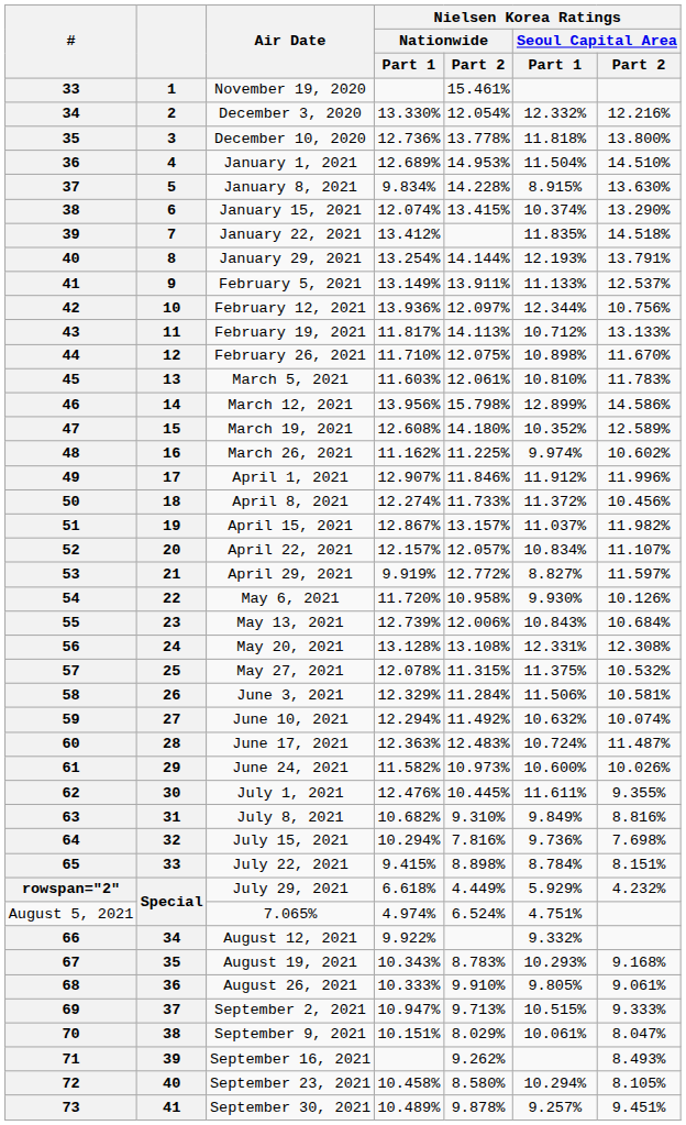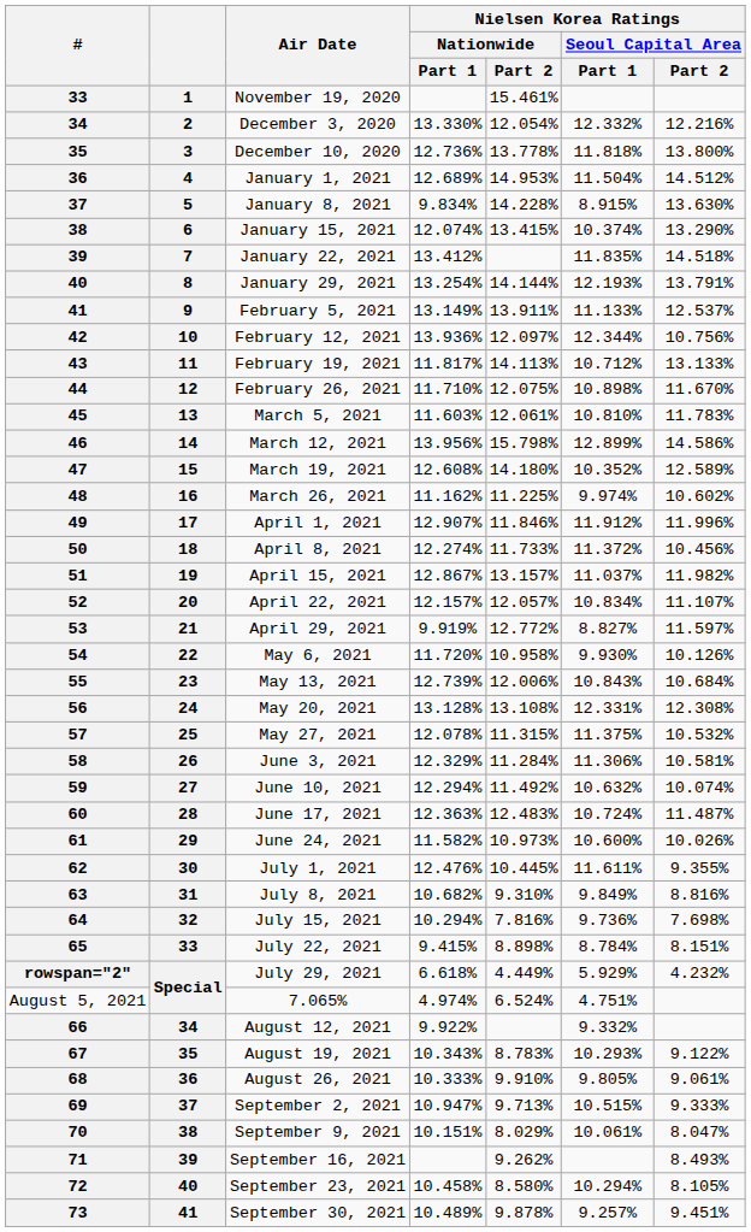 <table class="wikitable sortable" style="text-align:center">
 <tr>
 <th rowspan="3">#</th>
 <th rowspan="3"></th>
 <th rowspan="3">Air Date</th>
 <th colspan=4>Nielsen Korea Ratings</th>
 </tr>
 <tr>
 <th colspan=2>Nationwide</th>
 <th colspan=2><a href='#'>Seoul Capital Area</a></th>
 </tr>
 <tr>
 <th>Part 1</th>
 <th>Part 2</th>
 <th>Part 1</th>
 <th>Part 2</th>
 </tr>
 <tr>
 <th>33</th>
 <th>1</th>
 <td>November 19, 2020</td>
 <td></td>
 <td>15.461%</td>
 <td></td>
 <td></td>
 </tr>
 <tr>
 <th>34</th>
 <th>2</th>
 <td>December 3, 2020</td>
 <td>13.330%</td>
 <td>12.054%</td>
 <td>12.332%</td>
 <td>12.216%</td>
 </tr>
 <tr>
 <th>35</th>
 <th>3</th>
 <td>December 10, 2020</td>
 <td>12.736%</td>
 <td>13.778%</td>
 <td>11.818%</td>
 <td>13.800%</td>
 </tr>
 <tr>
 <th>36</th>
 <th>4</th>
 <td>January 1, 2021</td>
 <td>12.689%</td>
 <td>14.953%</td>
 <td>11.504%</td>
-<td>14.510%</td>
+<td>14.512%</td>
 </tr>
 <tr>
 <th>37</th>
 <th>5</th>
 <td>January 8, 2021</td>
 <td>9.834%</td>
 <td>14.228%</td>
 <td>8.915%</td>
 <td>13.630%</td>
 </tr>
 <tr>
 <th>38</th>
 <th>6</th>
 <td>January 15, 2021</td>
 <td>12.074%</td>
 <td>13.415%</td>
 <td>10.374%</td>
 <td>13.290%</td>
 </tr>
 <tr>
 <th>39</th>
 <th>7</th>
 <td>January 22, 2021</td>
 <td>13.412%</td>
 <td></td>
 <td>11.835%</td>
 <td>14.518%</td>
 </tr>
 <tr>
 <th>40</th>
 <th>8</th>
 <td>January 29, 2021</td>
 <td>13.254%</td>
 <td>14.144%</td>
 <td>12.193%</td>
 <td>13.791%</td>
 </tr>
 <tr>
 <th>41</th>
 <th>9</th>
 <td>February 5, 2021</td>
 <td>13.149%</td>
 <td>13.911%</td>
 <td>11.133%</td>
 <td>12.537%</td>
 </tr>
 <tr>
 <th>42</th>
 <th>10</th>
 <td>February 12, 2021</td>
 <td>13.936%</td>
 <td>12.097%</td>
 <td>12.344%</td>
 <td>10.756%</td>
 </tr>
 <tr>
 <th>43</th>
 <th>11</th>
 <td>February 19, 2021</td>
 <td>11.817%</td>
 <td>14.113%</td>
 <td>10.712%</td>
 <td>13.133%</td>
 </tr>
 <tr>
 <th>44</th>
 <th>12</th>
 <td>February 26, 2021</td>
 <td>11.710%</td>
 <td>12.075%</td>
 <td>10.898%</td>
 <td>11.670%</td>
 </tr>
 <tr>
 <th>45</th>
 <th>13</th>
 <td>March 5, 2021</td>
 <td>11.603%</td>
 <td>12.061%</td>
 <td>10.810%</td>
 <td>11.783%</td>
 </tr>
 <tr>
 <th>46</th>
 <th>14</th>
 <td>March 12, 2021</td>
 <td>13.956%</td>
 <td>15.798%</td>
 <td>12.899%</td>
 <td>14.586%</td>
 </tr>
 <tr>
 <th>47</th>
 <th>15</th>
 <td>March 19, 2021</td>
 <td>12.608%</td>
 <td>14.180%</td>
 <td>10.352%</td>
 <td>12.589%</td>
 </tr>
 <tr>
 <th>48</th>
 <th>16</th>
 <td>March 26, 2021</td>
 <td>11.162%</td>
 <td>11.225%</td>
 <td>9.974%</td>
 <td>10.602%</td>
 </tr>
 <tr>
 <th>49</th>
 <th>17</th>
 <td>April 1, 2021</td>
 <td>12.907%</td>
 <td>11.846%</td>
 <td>11.912%</td>
 <td>11.996%</td>
 </tr>
 <tr>
 <th>50</th>
 <th>18</th>
 <td>April 8, 2021</td>
 <td>12.274%</td>
 <td>11.733%</td>
 <td>11.372%</td>
 <td>10.456%</td>
 </tr>
 <tr>
 <th>51</th>
 <th>19</th>
 <td>April 15, 2021</td>
 <td>12.867%</td>
 <td>13.157%</td>
 <td>11.037%</td>
 <td>11.982%</td>
 </tr>
 <tr>
 <th>52</th>
 <th>20</th>
 <td>April 22, 2021</td>
 <td>12.157%</td>
 <td>12.057%</td>
 <td>10.834%</td>
 <td>11.107%</td>
 </tr>
 <tr>
 <th>53</th>
 <th>21</th>
 <td>April 29, 2021</td>
 <td>9.919%</td>
 <td>12.772%</td>
 <td>8.827%</td>
 <td>11.597%</td>
 </tr>
 <tr>
 <th>54</th>
 <th>22</th>
 <td>May 6, 2021</td>
 <td>11.720%</td>
 <td>10.958%</td>
 <td>9.930%</td>
 <td>10.126%</td>
 </tr>
 <tr>
 <th>55</th>
 <th>23</th>
 <td>May 13, 2021</td>
 <td>12.739%</td>
 <td>12.006%</td>
 <td>10.843%</td>
 <td>10.684%</td>
 </tr>
 <tr>
 <th>56</th>
 <th>24</th>
 <td>May 20, 2021</td>
 <td>13.128%</td>
 <td>13.108%</td>
 <td>12.331%</td>
 <td>12.308%</td>
 </tr>
 <tr>
 <th>57</th>
 <th>25</th>
 <td>May 27, 2021</td>
 <td>12.078%</td>
 <td>11.315%</td>
 <td>11.375%</td>
 <td>10.532%</td>
 </tr>
 <tr>
 <th>58</th>
 <th>26</th>
 <td>June 3, 2021</td>
 <td>12.329%</td>
 <td>11.284%</td>
-<td>11.506%</td>
+<td>11.306%</td>
 <td>10.581%</td>
 </tr>
 <tr>
 <th>59</th>
 <th>27</th>
 <td>June 10, 2021</td>
 <td>12.294%</td>
 <td>11.492%</td>
 <td>10.632%</td>
 <td>10.074%</td>
 </tr>
 <tr>
 <th>60</th>
 <th>28</th>
 <td>June 17, 2021</td>
 <td>12.363%</td>
 <td>12.483%</td>
 <td>10.724%</td>
 <td>11.487%</td>
 </tr>
 <tr>
 <th>61</th>
 <th>29</th>
 <td>June 24, 2021</td>
 <td>11.582%</td>
 <td>10.973%</td>
 <td>10.600%</td>
 <td>10.026%</td>
 </tr>
 <tr>
 <th>62</th>
 <th>30</th>
 <td>July 1, 2021</td>
 <td>12.476%</td>
 <td>10.445%</td>
 <td>11.611%</td>
 <td>9.355%</td>
 </tr>
 <tr>
 <th>63</th>
 <th>31</th>
 <td>July 8, 2021</td>
 <td>10.682%</td>
 <td>9.310%</td>
 <td>9.849%</td>
 <td>8.816%</td>
 </tr>
 <tr>
 <th>64</th>
 <th>32</th>
 <td>July 15, 2021</td>
 <td>10.294%</td>
 <td>7.816%</td>
 <td>9.736%</td>
 <td>7.698%</td>
 </tr>
 <tr>
 <th>65</th>
 <th>33</th>
 <td>July 22, 2021</td>
 <td>9.415%</td>
 <td>8.898%</td>
 <td>8.784%</td>
 <td>8.151%</td>
 </tr>
 <tr>
 <th>rowspan="2" </th>
 <th rowspan=2>Special</th>
 <td>July 29, 2021</td>
 <td>6.618%</td>
 <td>4.449%</td>
 <td>5.929%</td>
 <td>4.232%</td>
 </tr>
 <tr>
 <td>August 5, 2021</td>
 <td>7.065%</td>
 <td>4.974%</td>
 <td>6.524%</td>
 <td>4.751%</td>
 </tr>
 <tr>
 <th>66</th>
 <th>34</th>
 <td>August 12, 2021</td>
 <td>9.922%</td>
 <td></td>
 <td>9.332%</td>
 <td></td>
 </tr>
 <tr>
 <th>67</th>
 <th>35</th>
 <td>August 19, 2021</td>
 <td>10.343%</td>
 <td>8.783%</td>
 <td>10.293%</td>
-<td>9.168%</td>
+<td>9.122%</td>
 </tr>
 <tr>
 <th>68</th>
 <th>36</th>
 <td>August 26, 2021</td>
 <td>10.333%</td>
 <td>9.910%</td>
 <td>9.805%</td>
 <td>9.061%</td>
 </tr>
 <tr>
 <th>69</th>
 <th>37</th>
 <td>September 2, 2021</td>
 <td>10.947%</td>
 <td>9.713%</td>
 <td>10.515%</td>
 <td>9.333%</td>
 </tr>
 <tr>
 <th>70</th>
 <th>38</th>
 <td>September 9, 2021</td>
 <td>10.151%</td>
 <td>8.029%</td>
 <td>10.061%</td>
 <td>8.047%</td>
 </tr>
 <tr>
 <th>71</th>
 <th>39</th>
 <td>September 16, 2021</td>
 <td></td>
 <td>9.262%</td>
 <td></td>
 <td>8.493%</td>
 </tr>
 <tr>
 <th>72</th>
 <th>40</th>
 <td>September 23, 2021</td>
 <td>10.458%</td>
 <td>8.580%</td>
 <td>10.294%</td>
 <td>8.105%</td>
 </tr>
 <tr>
 <th>73</th>
 <th>41</th>
 <td>September 30, 2021</td>
 <td>10.489%</td>
 <td>9.878%</td>
 <td>9.257%</td>
 <td>9.451%</td>
 </tr>
 </table>
